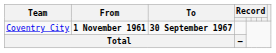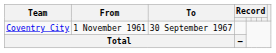 <table class=wikitable style="text-align: center">
 <tr>
 <th rowspan=2>Team</th>
 <th rowspan=2>From</th>
 <th rowspan=2>To</th>
 <th colspan=5>Record</th>
 <th rowspan=2></th>
 </tr>
 <tr>
 <th></th>
 <th></th>
 <th></th>
 <th></th>
 <th></th>
 </tr>
 <tr>
 <td align=left><a href='#'>Coventry City</a></td>
-<td><strong>1 November 1961</strong></td>
-<td><strong>30 September 1967<br></strong></td>
+<td>1 November 1961</td>
+<td>30 September 1967<br></td>
 <td></td>
 </tr>
 <tr>
 <th colspan=3>Total<br></th>
 <th>—</th>
 </tr>
 </table>
